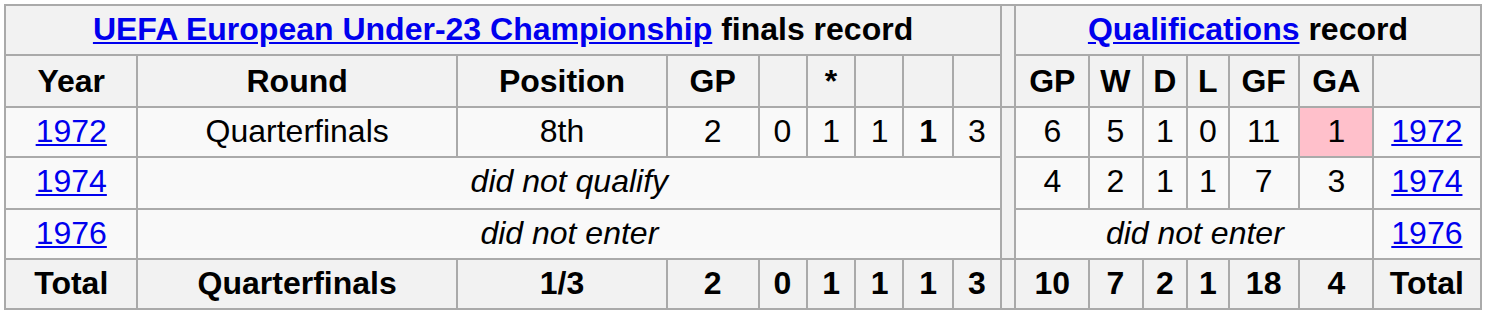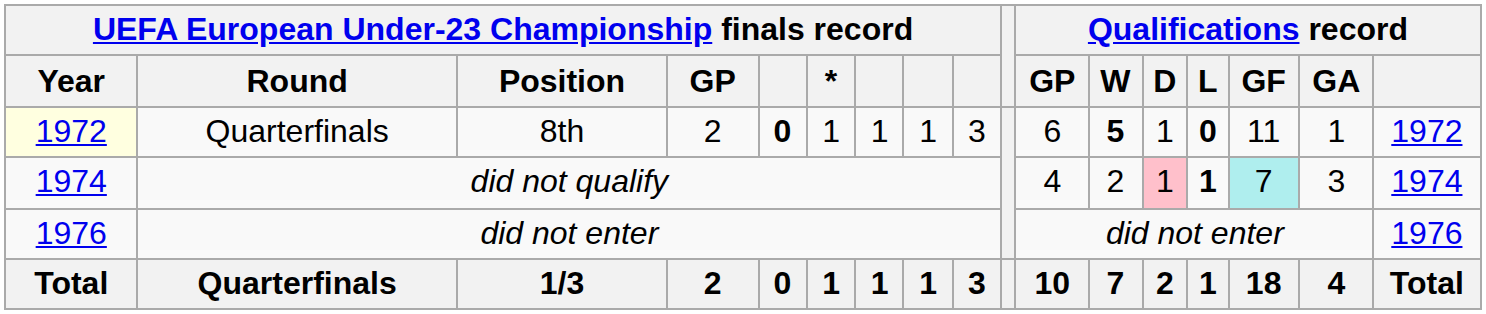 <table class="wikitable" style="text-align: center;">
 <tr>
 <th colspan=9><a href='#'>UEFA European Under-23 Championship</a> finals record</th>
 <th width=1% rowspan="2"></th>
 <th colspan=7><a href='#'>Qualifications</a> record</th>
 </tr>
 <tr>
 <th>Year</th>
 <th>Round</th>
 <th>Position</th>
 <th>GP</th>
 <th></th>
 <th>*</th>
 <th></th>
 <th></th>
 <th></th>
 <th>GP</th>
 <th>W</th>
 <th>D</th>
 <th>L</th>
 <th>GF</th>
 <th>GA</th>
 <th></th>
 </tr>
 <tr>
-<td> <a href='#'>1972</a></td>
+<td style="background: lightyellow;"> <a href='#'>1972</a></td>
 <td>Quarterfinals</td>
 <td>8th</td>
 <td>2</td>
-<td>0</td>
+<td><strong>0</strong></td>
 <td>1</td>
 <td>1</td>
-<td><strong>1</strong></td>
+<td>1</td>
 <td>3</td>
 <th width=1% rowspan="3"></th>
 <td>6</td>
-<td>5</td>
+<td><strong>5</strong></td>
 <td>1</td>
-<td>0</td>
+<td><strong>0</strong></td>
 <td>11</td>
-<td style="background: pink;">1</td>
+<td>1</td>
 <td><a href='#'>1972</a></td>
 </tr>
 <tr>
 <td> <a href='#'>1974</a></td>
 <td colspan=8><em>did not qualify</em></td>
 <td>4</td>
 <td>2</td>
-<td>1</td>
-<td>1</td>
-<td>7</td>
+<td style="background: pink;">1</td>
+<td><strong>1</strong></td>
+<td style="background: paleturquoise;">7</td>
 <td>3</td>
 <td><a href='#'>1974</a></td>
 </tr>
 <tr>
 <td> <a href='#'>1976</a></td>
 <td colspan=8><em>did not enter</em></td>
 <td colspan=6><em>did not enter</em></td>
 <td><a href='#'>1976</a></td>
 </tr>
 <tr>
 <th>Total</th>
 <th>Quarterfinals</th>
 <th>1/3</th>
 <th>2</th>
 <th>0</th>
 <th>1</th>
 <th>1</th>
 <th>1</th>
 <th>3</th>
 <th width=1%></th>
 <th>10</th>
 <th>7</th>
 <th>2</th>
 <th>1</th>
 <th>18</th>
 <th>4</th>
 <th>Total</th>
 </tr>
 </table>
